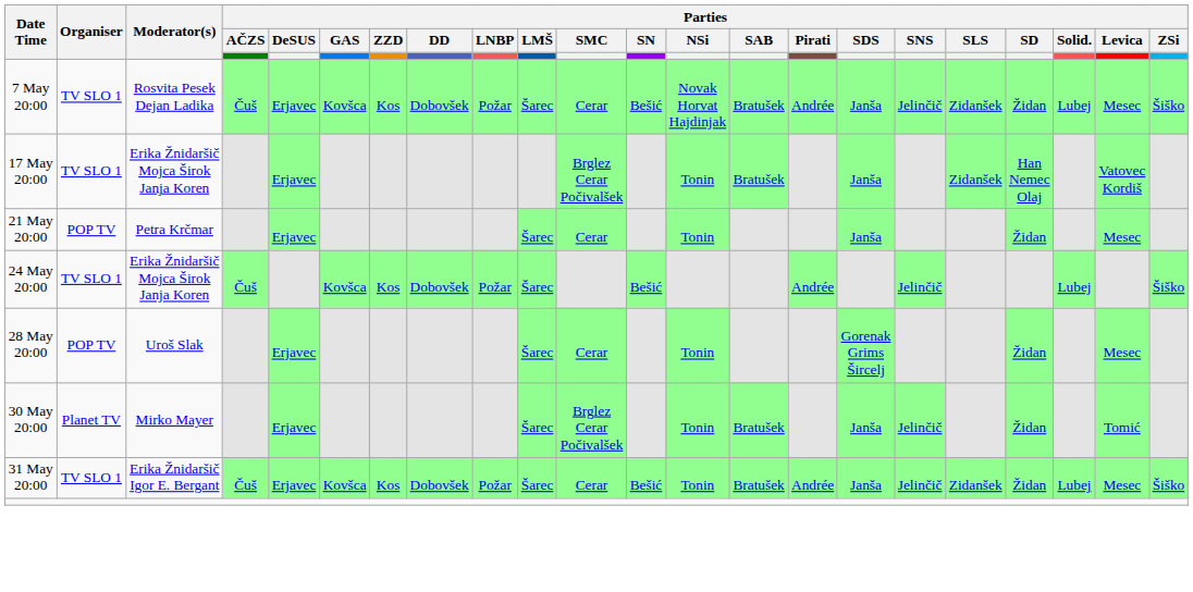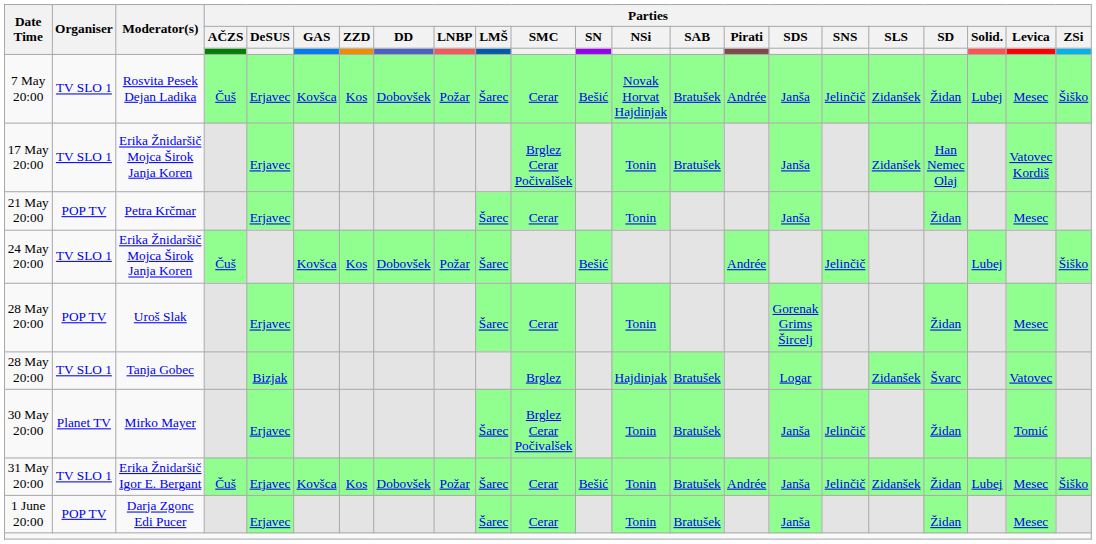 <table class="wikitable" style="text-align: center;font-size:80%;">
 <tr>
 <th rowspan="3">Date<br>Time</th>
 <th rowspan="3">Organiser</th>
 <th rowspan="3">Moderator(s)</th>
 <th colspan="19">Parties</th>
 </tr>
 <tr>
 <th style="width:2em;">AČZS</th>
 <th style="width:2em;">DeSUS</th>
 <th style="width:2em;">GAS</th>
 <th style="width:2em;">ZZD</th>
 <th style="width:2em;">DD</th>
 <th style="width:2em;">LNBP</th>
 <th style="width:2em;">LMŠ</th>
 <th style="width:2em;">SMC</th>
 <th style="width:2em;">SN</th>
 <th style="width:2em;">NSi</th>
 <th style="width:2em;">SAB</th>
 <th style="width:2em;">Pirati</th>
 <th style="width:2em;">SDS</th>
 <th style="width:2em;">SNS</th>
 <th style="width:2em;">SLS</th>
 <th style="width:2em;">SD</th>
 <th style="width:2em;">Solid.</th>
 <th style="width:2em;">Levica</th>
 <th style="width:2em;">ZSi</th>
 </tr>
 <tr>
 <th style="background:green"></th>
 <th style="background:"></th>
 <th style="background:#007bef"></th>
 <th style="background:#ef8c00"></th>
 <th style="background:#4961c1"></th>
 <th style="background:#f45858"></th>
 <th style="background:#005AAB"></th>
 <th style="background:"></th>
 <th style="background:#9800ef"></th>
 <th style="background:"></th>
 <th style="background:"></th>
 <th style="background:#7D4A48"></th>
 <th style="background:"></th>
 <th style="background:"></th>
 <th style="background:"></th>
 <th style="background:"></th>
 <th style="background:#ff5151"></th>
 <th style="background:red"></th>
 <th style="background:#00b3ef"></th>
 </tr>
 <tr>
 <td>7 May<br>20:00</td>
 <td><a href='#'>TV SLO 1</a></td>
 <td><a href='#'>Rosvita Pesek</a><br><a href='#'>Dejan Ladika</a></td>
 <td style="background:#90FF90;"><br><a href='#'>Čuš</a></td>
 <td style="background:#90FF90;"><br><a href='#'>Erjavec</a></td>
 <td style="background:#90FF90;"><br><a href='#'>Kovšca</a></td>
 <td style="background:#90FF90;"><br><a href='#'>Kos</a></td>
 <td style="background:#90FF90;"><br><a href='#'>Dobovšek</a></td>
 <td style="background:#90FF90;"><br><a href='#'>Požar</a></td>
 <td style="background:#90FF90;"><br><a href='#'>Šarec</a></td>
 <td style="background:#90FF90;"><br><a href='#'>Cerar</a></td>
 <td style="background:#90FF90;"><br><a href='#'>Bešić</a></td>
 <td style="background:#90FF90;"><br><a href='#'>Novak</a><br><a href='#'>Horvat</a><br><a href='#'>Hajdinjak</a></td>
 <td style="background:#90FF90;"><br><a href='#'>Bratušek</a></td>
 <td style="background:#90FF90;"><br><a href='#'>Andrée</a></td>
 <td style="background:#90FF90;"><br><a href='#'>Janša</a></td>
 <td style="background:#90FF90;"><br><a href='#'>Jelinčič</a></td>
 <td style="background:#90FF90;"><br><a href='#'>Zidanšek</a></td>
 <td style="background:#90FF90;"><br><a href='#'>Židan</a></td>
 <td style="background:#90FF90;"><br><a href='#'>Lubej</a></td>
 <td style="background:#90FF90;"><br><a href='#'>Mesec</a></td>
 <td style="background:#90FF90;"><br><a href='#'>Šiško</a></td>
 </tr>
 <tr>
 <td>17 May<br>20:00</td>
 <td><a href='#'>TV SLO 1</a></td>
 <td><a href='#'>Erika Žnidaršič</a><br><a href='#'>Mojca Širok</a><br><a href='#'>Janja Koren</a></td>
 <td style="background:#E4E4E4;"></td>
 <td style="background:#90FF90;"><br><a href='#'>Erjavec</a></td>
 <td style="background:#E4E4E4;"></td>
 <td style="background:#E4E4E4;"></td>
 <td style="background:#E4E4E4;"></td>
 <td style="background:#E4E4E4;"></td>
 <td style="background:#E4E4E4;"></td>
 <td style="background:#90FF90;"><br><a href='#'>Brglez</a><br><a href='#'>Cerar</a><br><a href='#'>Počivalšek</a></td>
 <td style="background:#E4E4E4;"></td>
 <td style="background:#90FF90;"><br><a href='#'>Tonin</a></td>
 <td style="background:#90FF90;"><br><a href='#'>Bratušek</a></td>
 <td style="background:#E4E4E4;"></td>
 <td style="background:#90FF90;"><br><a href='#'>Janša</a></td>
 <td style="background:#E4E4E4;"></td>
 <td style="background:#90FF90;"><br><a href='#'>Zidanšek</a></td>
 <td style="background:#90FF90;"><br><a href='#'>Han</a><br><a href='#'>Nemec</a><br><a href='#'>Olaj</a></td>
 <td style="background:#E4E4E4;"></td>
 <td style="background:#90FF90;"><br><a href='#'>Vatovec</a><br><a href='#'>Kordiš</a></td>
 <td style="background:#E4E4E4;"></td>
 </tr>
 <tr>
 <td>21 May<br>20:00</td>
 <td><a href='#'>POP TV</a></td>
 <td><a href='#'>Petra Krčmar</a></td>
 <td style="background:#E4E4E4;"></td>
 <td style="background:#90FF90;"><br><a href='#'>Erjavec</a></td>
 <td style="background:#E4E4E4;"></td>
 <td style="background:#E4E4E4;"></td>
 <td style="background:#E4E4E4;"></td>
 <td style="background:#E4E4E4;"></td>
 <td style="background:#90FF90;"><br><a href='#'>Šarec</a></td>
 <td style="background:#90FF90;"><br><a href='#'>Cerar</a></td>
 <td style="background:#E4E4E4;"></td>
 <td style="background:#90FF90;"><br><a href='#'>Tonin</a></td>
 <td style="background:#E4E4E4;"></td>
 <td style="background:#E4E4E4;"></td>
 <td style="background:#90FF90;"><br><a href='#'>Janša</a></td>
 <td style="background:#E4E4E4;"></td>
 <td style="background:#E4E4E4;"></td>
 <td style="background:#90FF90;"><br><a href='#'>Židan</a></td>
 <td style="background:#E4E4E4;"></td>
 <td style="background:#90FF90;"><br><a href='#'>Mesec</a></td>
 <td style="background:#E4E4E4;"></td>
 </tr>
 <tr>
 <td>24 May<br>20:00</td>
 <td><a href='#'>TV SLO 1</a></td>
 <td><a href='#'>Erika Žnidaršič</a><br><a href='#'>Mojca Širok</a><br><a href='#'>Janja Koren</a></td>
 <td style="background:#90FF90;"><br><a href='#'>Čuš</a></td>
 <td style="background:#E4E4E4;"></td>
 <td style="background:#90FF90;"><br><a href='#'>Kovšca</a></td>
 <td style="background:#90FF90;"><br><a href='#'>Kos</a></td>
 <td style="background:#90FF90;"><br><a href='#'>Dobovšek</a></td>
 <td style="background:#90FF90;"><br><a href='#'>Požar</a></td>
 <td style="background:#90FF90;"><br><a href='#'>Šarec</a></td>
 <td style="background:#E4E4E4;"></td>
 <td style="background:#90FF90;"><br><a href='#'>Bešić</a></td>
 <td style="background:#E4E4E4;"></td>
 <td style="background:#E4E4E4;"></td>
 <td style="background:#90FF90;"><br><a href='#'>Andrée</a></td>
 <td style="background:#E4E4E4;"></td>
 <td style="background:#90FF90;"><br><a href='#'>Jelinčič</a></td>
 <td style="background:#E4E4E4;"></td>
 <td style="background:#E4E4E4;"></td>
 <td style="background:#90FF90;"><br><a href='#'>Lubej</a></td>
 <td style="background:#E4E4E4;"></td>
 <td style="background:#90FF90;"><br><a href='#'>Šiško</a></td>
 </tr>
 <tr>
 <td>28 May<br>20:00</td>
 <td><a href='#'>POP TV</a></td>
 <td><a href='#'>Uroš Slak</a></td>
 <td style="background:#E4E4E4;"></td>
 <td style="background:#90FF90;"><br><a href='#'>Erjavec</a></td>
 <td style="background:#E4E4E4;"></td>
 <td style="background:#E4E4E4;"></td>
 <td style="background:#E4E4E4;"></td>
 <td style="background:#E4E4E4;"></td>
 <td style="background:#90FF90;"><br><a href='#'>Šarec</a></td>
 <td style="background:#90FF90;"><br><a href='#'>Cerar</a></td>
 <td style="background:#E4E4E4;"></td>
 <td style="background:#90FF90;"><br><a href='#'>Tonin</a></td>
 <td style="background:#E4E4E4;"></td>
 <td style="background:#E4E4E4;"></td>
 <td style="background:#90FF90;"><br><a href='#'>Gorenak</a><br><a href='#'>Grims</a><br><a href='#'>Šircelj</a></td>
 <td style="background:#E4E4E4;"></td>
 <td style="background:#E4E4E4;"></td>
 <td style="background:#90FF90;"><br><a href='#'>Židan</a></td>
 <td style="background:#E4E4E4;"></td>
 <td style="background:#90FF90;"><br><a href='#'>Mesec</a></td>
 <td style="background:#E4E4E4;"></td>
 </tr>
 <tr>
+<td>28 May<br>20:00</td>
+<td><a href='#'>TV SLO 1</a></td>
+<td><a href='#'>Tanja Gobec</a></td>
+<td style="background:#E4E4E4;"></td>
+<td style="background:#90FF90;"><br><a href='#'>Bizjak</a></td>
+<td style="background:#E4E4E4;"></td>
+<td style="background:#E4E4E4;"></td>
+<td style="background:#E4E4E4;"></td>
+<td style="background:#E4E4E4;"></td>
+<td style="background:#E4E4E4;"></td>
+<td style="background:#90FF90;"><br><a href='#'>Brglez</a></td>
+<td style="background:#E4E4E4;"></td>
+<td style="background:#90FF90;"><br><a href='#'>Hajdinjak</a></td>
+<td style="background:#90FF90;"><br><a href='#'>Bratušek</a></td>
+<td style="background:#E4E4E4;"></td>
+<td style="background:#90FF90;"><br><a href='#'>Logar</a></td>
+<td style="background:#E4E4E4;"></td>
+<td style="background:#90FF90;"><br><a href='#'>Zidanšek</a></td>
+<td style="background:#90FF90;"><br><a href='#'>Švarc</a></td>
+<td style="background:#E4E4E4;"></td>
+<td style="background:#90FF90;"><br><a href='#'>Vatovec</a></td>
+<td style="background:#E4E4E4;"></td>
+</tr>
+<tr>
 <td>30 May<br>20:00</td>
 <td><a href='#'>Planet TV</a></td>
 <td><a href='#'>Mirko Mayer</a></td>
 <td style="background:#E4E4E4;"></td>
 <td style="background:#90FF90;"><br><a href='#'>Erjavec</a></td>
 <td style="background:#E4E4E4;"></td>
 <td style="background:#E4E4E4;"></td>
 <td style="background:#E4E4E4;"></td>
 <td style="background:#E4E4E4;"></td>
 <td style="background:#90FF90;"><br><a href='#'>Šarec</a></td>
 <td style="background:#90FF90;"><br><a href='#'>Brglez</a><br><a href='#'>Cerar</a><br><a href='#'>Počivalšek</a></td>
 <td style="background:#E4E4E4;"></td>
 <td style="background:#90FF90;"><br><a href='#'>Tonin</a></td>
 <td style="background:#90FF90;"><br><a href='#'>Bratušek</a></td>
 <td style="background:#E4E4E4;"></td>
 <td style="background:#90FF90;"><br><a href='#'>Janša</a></td>
 <td style="background:#90FF90;"><br><a href='#'>Jelinčič</a></td>
 <td style="background:#E4E4E4;"></td>
 <td style="background:#90FF90;"><br><a href='#'>Židan</a></td>
 <td style="background:#E4E4E4;"></td>
 <td style="background:#90FF90;"><br><a href='#'>Tomić</a></td>
 <td style="background:#E4E4E4;"></td>
 </tr>
 <tr>
 <td>31 May<br>20:00</td>
 <td><a href='#'>TV SLO 1</a></td>
 <td><a href='#'>Erika Žnidaršič</a><br><a href='#'>Igor E. Bergant</a></td>
 <td style="background:#90FF90;"><br><a href='#'>Čuš</a></td>
 <td style="background:#90FF90;"><br><a href='#'>Erjavec</a></td>
 <td style="background:#90FF90;"><br><a href='#'>Kovšca</a></td>
 <td style="background:#90FF90;"><br><a href='#'>Kos</a></td>
 <td style="background:#90FF90;"><br><a href='#'>Dobovšek</a></td>
 <td style="background:#90FF90;"><br><a href='#'>Požar</a></td>
 <td style="background:#90FF90;"><br><a href='#'>Šarec</a></td>
 <td style="background:#90FF90;"><br><a href='#'>Cerar</a></td>
 <td style="background:#90FF90;"><br><a href='#'>Bešić</a></td>
 <td style="background:#90FF90;"><br><a href='#'>Tonin</a></td>
 <td style="background:#90FF90;"><br><a href='#'>Bratušek</a></td>
 <td style="background:#90FF90;"><br><a href='#'>Andrée</a></td>
 <td style="background:#90FF90;"><br><a href='#'>Janša</a></td>
 <td style="background:#90FF90;"><br><a href='#'>Jelinčič</a></td>
 <td style="background:#90FF90;"><br><a href='#'>Zidanšek</a></td>
 <td style="background:#90FF90;"><br><a href='#'>Židan</a></td>
 <td style="background:#90FF90;"><br><a href='#'>Lubej</a></td>
 <td style="background:#90FF90;"><br><a href='#'>Mesec</a></td>
 <td style="background:#90FF90;"><br><a href='#'>Šiško</a></td>
 </tr>
 <tr>
+<td>1 June<br>20:00</td>
+<td><a href='#'>POP TV</a></td>
+<td><a href='#'>Darja Zgonc</a><br><a href='#'>Edi Pucer</a></td>
+<td style="background:#E4E4E4;"></td>
+<td style="background:#90FF90;"><br><a href='#'>Erjavec</a></td>
+<td style="background:#E4E4E4;"></td>
+<td style="background:#E4E4E4;"></td>
+<td style="background:#E4E4E4;"></td>
+<td style="background:#E4E4E4;"></td>
+<td style="background:#90FF90;"><br><a href='#'>Šarec</a></td>
+<td style="background:#90FF90;"><br><a href='#'>Cerar</a></td>
+<td style="background:#E4E4E4;"></td>
+<td style="background:#90FF90;"><br><a href='#'>Tonin</a></td>
+<td style="background:#90FF90;"><br><a href='#'>Bratušek</a></td>
+<td style="background:#E4E4E4;"></td>
+<td style="background:#90FF90;"><br><a href='#'>Janša</a></td>
+<td style="background:#E4E4E4;"></td>
+<td style="background:#E4E4E4;"></td>
+<td style="background:#90FF90;"><br><a href='#'>Židan</a></td>
+<td style="background:#E4E4E4;"></td>
+<td style="background:#90FF90;"><br><a href='#'>Mesec</a></td>
+<td style="background:#E4E4E4;"></td>
+</tr>
+<tr>
 <td colspan="22">      </td>
 </tr>
 </table>
